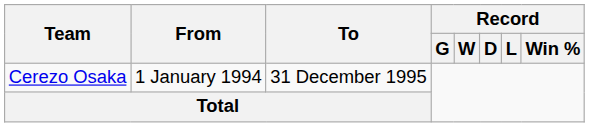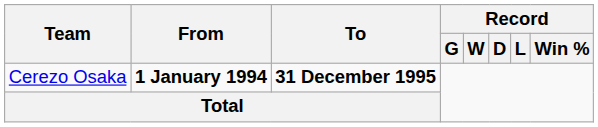 <table class="wikitable" style="text-align: center">
 <tr>
 <th rowspan="2">Team</th>
 <th rowspan="2">From</th>
 <th rowspan="2">To</th>
 <th colspan="5">Record</th>
 </tr>
 <tr>
 <th>G</th>
 <th>W</th>
 <th>D</th>
 <th>L</th>
 <th>Win %</th>
 </tr>
 <tr>
 <td align="left"><a href='#'>Cerezo Osaka</a></td>
-<td align="left">1 January 1994</td>
-<td align="left">31 December 1995<br></td>
+<td align="left"><strong>1 January 1994</strong></td>
+<td align="left"><strong>31 December 1995<br></strong></td>
 </tr>
 <tr>
 <th colspan="3">Total<br></th>
 </tr>
 </table>
